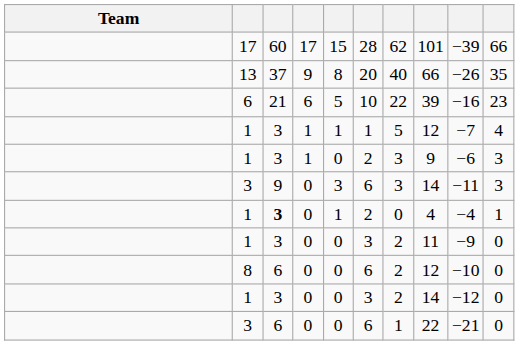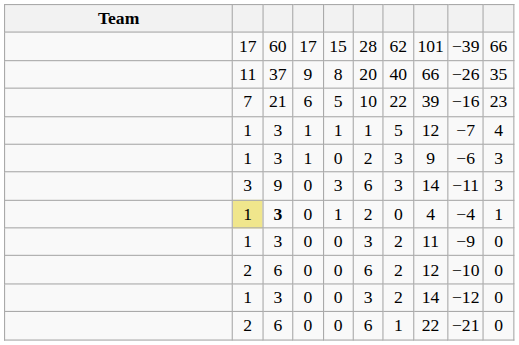 <table class="wikitable sortable" style="text-align:center">
 <tr>
 <th width=200>Team</th>
 <th width=20></th>
 <th width=20></th>
 <th width=20></th>
 <th width=20></th>
 <th width=20></th>
 <th width=20></th>
 <th width=20></th>
 <th width=20></th>
 <th width=20></th>
 </tr>
 <tr>
 <td align=left></td>
 <td>17</td>
 <td>60</td>
 <td>17</td>
 <td>15</td>
 <td>28</td>
 <td>62</td>
 <td>101</td>
 <td>−39</td>
 <td>66</td>
 </tr>
 <tr>
 <td align=left></td>
-<td>13</td>
+<td>11</td>
 <td>37</td>
 <td>9</td>
 <td>8</td>
 <td>20</td>
 <td>40</td>
 <td>66</td>
 <td>−26</td>
 <td>35</td>
 </tr>
 <tr>
 <td align=left></td>
-<td>6</td>
+<td>7</td>
 <td>21</td>
 <td>6</td>
 <td>5</td>
 <td>10</td>
 <td>22</td>
 <td>39</td>
 <td>−16</td>
 <td>23</td>
 </tr>
 <tr>
 <td align=left></td>
 <td>1</td>
 <td>3</td>
 <td>1</td>
 <td>1</td>
 <td>1</td>
 <td>5</td>
 <td>12</td>
 <td>−7</td>
 <td>4</td>
 </tr>
 <tr>
 <td align=left></td>
 <td>1</td>
 <td>3</td>
 <td>1</td>
 <td>0</td>
 <td>2</td>
 <td>3</td>
 <td>9</td>
 <td>−6</td>
 <td>3</td>
 </tr>
 <tr>
 <td align=left></td>
 <td>3</td>
 <td>9</td>
 <td>0</td>
 <td>3</td>
 <td>6</td>
 <td>3</td>
 <td>14</td>
 <td>−11</td>
 <td>3</td>
 </tr>
 <tr>
 <td align=left></td>
-<td>1</td>
+<td style="background: khaki;">1</td>
 <td><strong>3</strong></td>
 <td>0</td>
 <td>1</td>
 <td>2</td>
 <td>0</td>
 <td>4</td>
 <td>−4</td>
 <td>1</td>
 </tr>
 <tr>
 <td align=left></td>
 <td>1</td>
 <td>3</td>
 <td>0</td>
 <td>0</td>
 <td>3</td>
 <td>2</td>
 <td>11</td>
 <td>−9</td>
 <td>0</td>
 </tr>
 <tr>
 <td align=left></td>
-<td>8</td>
+<td>2</td>
 <td>6</td>
 <td>0</td>
 <td>0</td>
 <td>6</td>
 <td>2</td>
 <td>12</td>
 <td>−10</td>
 <td>0</td>
 </tr>
 <tr>
 <td align=left></td>
 <td>1</td>
 <td>3</td>
 <td>0</td>
 <td>0</td>
 <td>3</td>
 <td>2</td>
 <td>14</td>
 <td>−12</td>
 <td>0</td>
 </tr>
 <tr>
 <td align=left></td>
-<td>3</td>
+<td>2</td>
 <td>6</td>
 <td>0</td>
 <td>0</td>
 <td>6</td>
 <td>1</td>
 <td>22</td>
 <td>−21</td>
 <td>0</td>
 </tr>
 </table>
